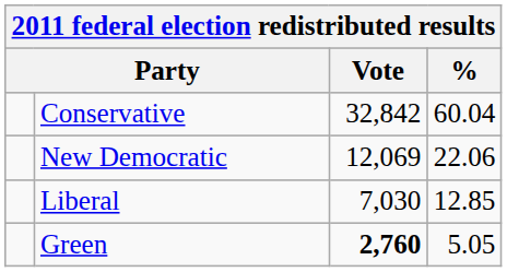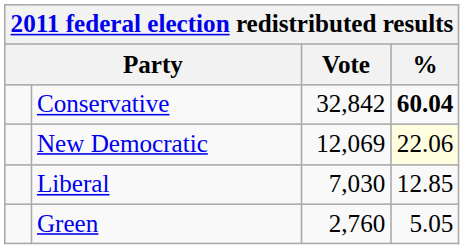 <table class="wikitable">
 <tr>
 <th colspan="4"><a href='#'>2011 federal election</a> redistributed results</th>
 </tr>
 <tr>
 <th bgcolor="#DDDDFF" width="130px" colspan="2">Party</th>
 <th bgcolor="#DDDDFF" width="50px">Vote</th>
 <th bgcolor="#DDDDFF" width="30px">%</th>
 </tr>
 <tr>
 <td> </td>
 <td><a href='#'>Conservative</a></td>
 <td align=right>32,842</td>
-<td align=right>60.04</td>
+<td align=right><strong>60.04</strong></td>
 </tr>
 <tr>
 <td> </td>
 <td><a href='#'>New Democratic</a></td>
 <td align=right>12,069</td>
-<td align=right>22.06</td>
+<td align=right style="background: lightyellow;">22.06</td>
 </tr>
 <tr>
 <td> </td>
 <td><a href='#'>Liberal</a></td>
 <td align=right>7,030</td>
 <td align=right>12.85</td>
 </tr>
 <tr>
 <td> </td>
 <td><a href='#'>Green</a></td>
-<td align=right><strong>2,760</strong></td>
+<td align=right>2,760</td>
 <td align=right>5.05</td>
 </tr>
 </table>
